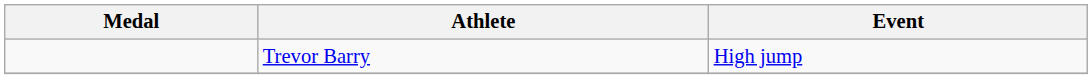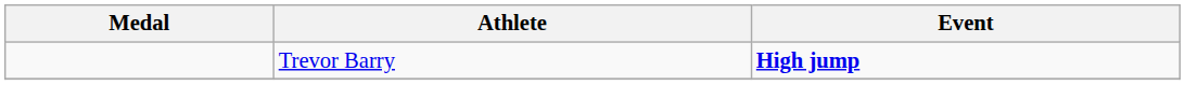 <table class="wikitable" style="font-size:90%" width=60%>
 <tr>
 <th>Medal</th>
 <th>Athlete</th>
 <th>Event</th>
 </tr>
 <tr>
 <td></td>
 <td><a href='#'>Trevor Barry</a></td>
-<td><a href='#'>High jump</a></td>
+<td><strong><a href='#'>High jump</a></strong></td>
 </tr>
 <tr>
 </tr>
 </table>
